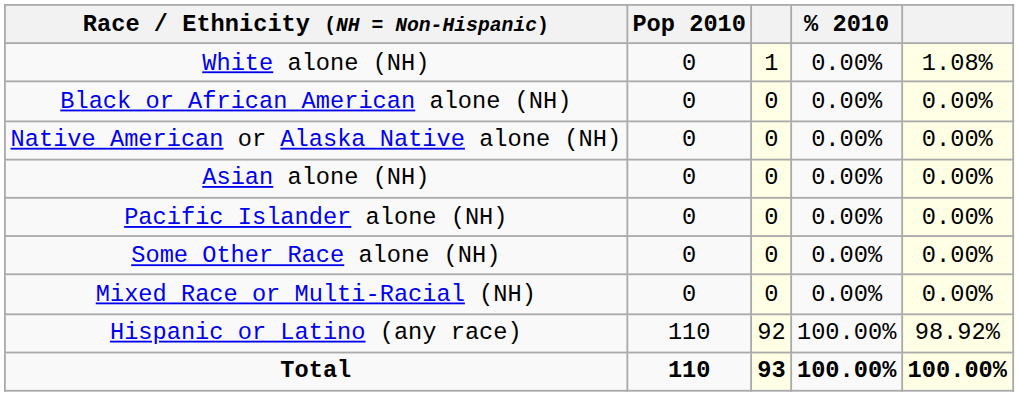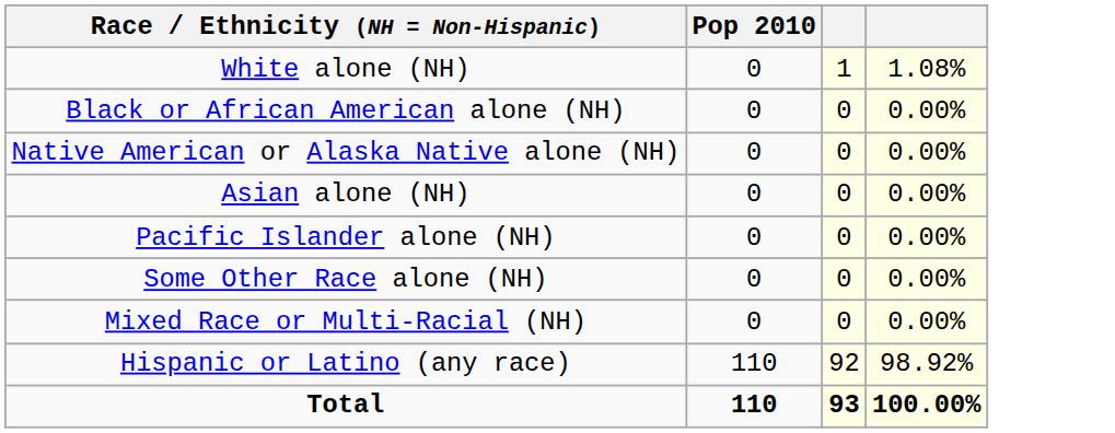 <table class="wikitable" style="text-align:center;">
 <tr>
 <th>Race / Ethnicity <small>(<em>NH = Non-Hispanic</em>)</small></th>
 <th>Pop 2010</th>
 <th></th>
-<th>% 2010</th>
 <th></th>
 </tr>
 <tr>
 <td><a href='#'>White</a> alone (NH)</td>
 <td>0</td>
 <td style='background: #ffffe6;'>1</td>
-<td>0.00%</td>
 <td style='background: #ffffe6;'>1.08%</td>
 </tr>
 <tr>
 <td><a href='#'>Black or African American</a> alone (NH)</td>
 <td>0</td>
 <td style='background: #ffffe6;'>0</td>
-<td>0.00%</td>
 <td style='background: #ffffe6;'>0.00%</td>
 </tr>
 <tr>
 <td><a href='#'>Native American</a> or <a href='#'>Alaska Native</a> alone (NH)</td>
 <td>0</td>
 <td style='background: #ffffe6;'>0</td>
-<td>0.00%</td>
 <td style='background: #ffffe6;'>0.00%</td>
 </tr>
 <tr>
 <td><a href='#'>Asian</a> alone (NH)</td>
 <td>0</td>
 <td style='background: #ffffe6;'>0</td>
-<td>0.00%</td>
 <td style='background: #ffffe6;'>0.00%</td>
 </tr>
 <tr>
 <td><a href='#'>Pacific Islander</a> alone (NH)</td>
 <td>0</td>
 <td style='background: #ffffe6;'>0</td>
-<td>0.00%</td>
 <td style='background: #ffffe6;'>0.00%</td>
 </tr>
 <tr>
 <td><a href='#'>Some Other Race</a> alone (NH)</td>
 <td>0</td>
 <td style='background: #ffffe6;'>0</td>
-<td>0.00%</td>
 <td style='background: #ffffe6;'>0.00%</td>
 </tr>
 <tr>
 <td><a href='#'>Mixed Race or Multi-Racial</a> (NH)</td>
 <td>0</td>
 <td style='background: #ffffe6;'>0</td>
-<td>0.00%</td>
 <td style='background: #ffffe6;'>0.00%</td>
 </tr>
 <tr>
 <td><a href='#'>Hispanic or Latino</a> (any race)</td>
 <td>110</td>
 <td style='background: #ffffe6;'>92</td>
-<td>100.00%</td>
 <td style='background: #ffffe6;'>98.92%</td>
 </tr>
 <tr>
 <td><strong>Total</strong></td>
 <td><strong>110</strong></td>
 <td style='background: #ffffe6;'><strong>93</strong></td>
-<td><strong>100.00%</strong></td>
 <td style='background: #ffffe6;'><strong>100.00%</strong></td>
 </tr>
 </table>
